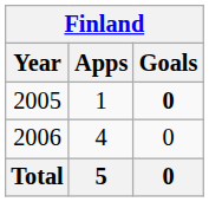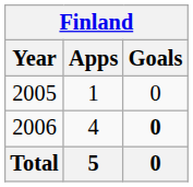 <table class=wikitable style=text-align:center>
 <tr>
 <th colspan=4><a href='#'>Finland</a></th>
 </tr>
 <tr>
 <th>Year</th>
 <th>Apps</th>
 <th>Goals</th>
 </tr>
 <tr>
 <td>2005</td>
 <td>1</td>
-<td><strong>0</strong></td>
+<td>0</td>
 </tr>
 <tr>
 <td>2006</td>
 <td>4</td>
-<td>0</td>
+<td><strong>0</strong></td>
 </tr>
 <tr>
 <th colspan=1>Total</th>
 <th>5</th>
 <th>0</th>
 </tr>
 </table>
